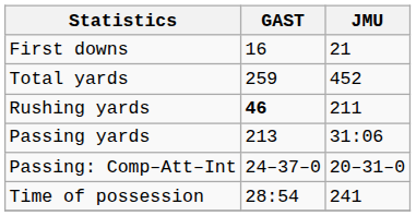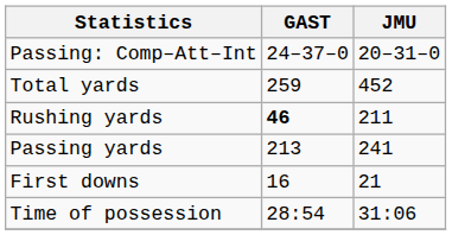 <table class="wikitable" style="float: left;">
 <tr>
 <th>Statistics</th>
 <th>GAST</th>
 <th>JMU</th>
 </tr>
 <tr>
-<td>First downs</td>
-<td>16</td>
-<td>21</td>
+<td>Passing: Comp–Att–Int</td>
+<td>24–37–0</td>
+<td>20–31–0</td>
 </tr>
 <tr>
 <td>Total yards</td>
 <td>259</td>
 <td>452</td>
 </tr>
 <tr>
 <td>Rushing yards</td>
 <td><strong>46</strong></td>
 <td>211</td>
 </tr>
 <tr>
 <td>Passing yards</td>
 <td>213</td>
-<td>31:06</td>
+<td>241</td>
 </tr>
 <tr>
-<td>Passing: Comp–Att–Int</td>
-<td>24–37–0</td>
-<td>20–31–0</td>
+<td>First downs</td>
+<td>16</td>
+<td>21</td>
 </tr>
 <tr>
 <td>Time of possession</td>
 <td>28:54</td>
-<td>241</td>
+<td>31:06</td>
 </tr>
 <tr>
 </tr>
 </table>
